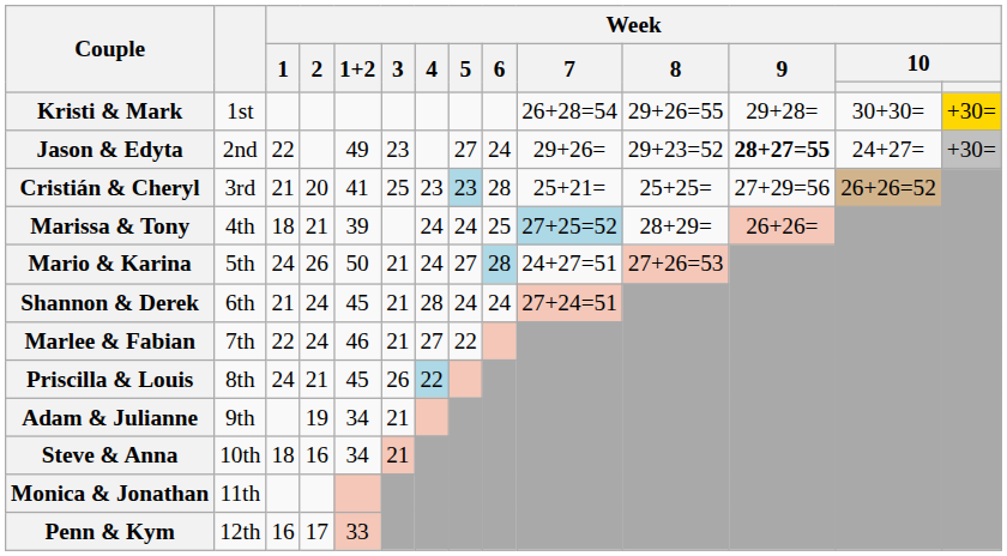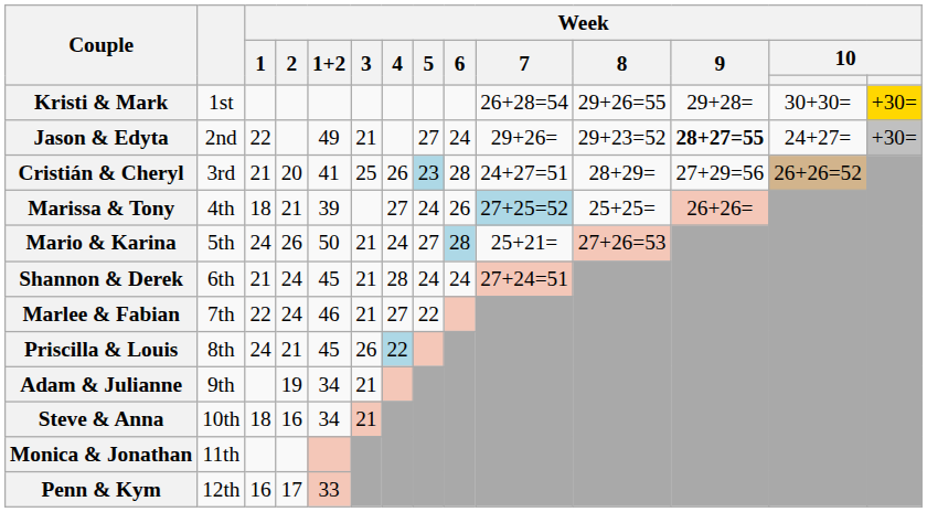 <table class="wikitable sortable" style="text-align:center; font-size:95%">
 <tr>
 <th scope="col" rowspan="3" style="text-align:center;">Couple</th>
 <th scope="col" rowspan="3" style="text-align:center;"></th>
 <th colspan="12" style="text-align:center;">Week</th>
 </tr>
 <tr>
 <th scope="col" rowspan=2>1</th>
 <th scope="col" rowspan=2>2</th>
 <th scope="col" rowspan=2>1+2</th>
 <th scope="col" rowspan=2>3</th>
 <th scope="col" rowspan=2>4</th>
 <th scope="col" rowspan=2>5</th>
 <th scope="col" rowspan=2>6</th>
 <th scope="col" rowspan=2>7</th>
 <th scope="col" rowspan=2>8</th>
 <th scope="col" rowspan=2>9</th>
 <th scope="col" colspan=2>10</th>
 </tr>
 <tr>
 <th></th>
 <th></th>
 </tr>
 <tr>
 <th scope="row">Kristi & Mark</th>
 <td>1st</td>
 <td></td>
 <td></td>
 <td></td>
 <td></td>
 <td></td>
 <td></td>
 <td></td>
 <td>26+28=54</td>
 <td>29+26=55</td>
 <td>29+28=</td>
 <td>30+30=</td>
 <td bgcolor="gold" >+30=</td>
 </tr>
 <tr>
 <th scope="row">Jason & Edyta</th>
 <td>2nd</td>
 <td>22</td>
 <td></td>
 <td>49</td>
-<td>23</td>
+<td>21</td>
 <td></td>
 <td>27</td>
 <td>24</td>
 <td>29+26=</td>
 <td>29+23=52</td>
 <td><strong>28+27=55</strong></td>
 <td>24+27=</td>
 <td bgcolor="silver" >+30=</td>
 </tr>
 <tr>
 <th scope="row">Cristián & Cheryl</th>
 <td>3rd</td>
 <td>21</td>
 <td>20</td>
 <td>41</td>
 <td>25</td>
-<td>23</td>
+<td>26</td>
 <td bgcolor=lightblue>23</td>
 <td>28</td>
-<td>25+21=</td>
-<td>25+25=</td>
+<td>24+27=51</td>
+<td>28+29=</td>
 <td>27+29=56</td>
 <td bgcolor="tan" >26+26=52</td>
 <td colspan="1" rowspan="10" bgcolor="darkgray"></td>
 </tr>
 <tr>
 <th scope="row">Marissa & Tony</th>
 <td>4th</td>
 <td>18</td>
 <td>21</td>
 <td>39</td>
 <td></td>
+<td>27</td>
 <td>24</td>
-<td>24</td>
-<td>25</td>
+<td>26</td>
 <td bgcolor=lightblue >27+25=52</td>
-<td>28+29=</td>
+<td>25+25=</td>
 <td bgcolor=f4c7b8 >26+26=</td>
 <td rowspan="9" bgcolor="darkgray"></td>
 </tr>
 <tr>
 <th scope="row">Mario & Karina</th>
 <td>5th</td>
 <td>24</td>
 <td>26</td>
 <td>50</td>
 <td>21</td>
 <td>24</td>
 <td>27</td>
 <td bgcolor=lightblue>28</td>
-<td>24+27=51</td>
+<td>25+21=</td>
 <td bgcolor=f4c7b8 >27+26=53</td>
 <td rowspan="8" bgcolor="darkgray"></td>
 </tr>
 <tr>
 <th scope="row">Shannon & Derek</th>
 <td>6th</td>
 <td>21</td>
 <td>24</td>
 <td>45</td>
 <td>21</td>
 <td>28</td>
 <td>24</td>
 <td>24</td>
 <td bgcolor=f4c7b8 >27+24=51</td>
 <td rowspan="7" bgcolor="darkgray"></td>
 </tr>
 <tr>
 <th scope="row">Marlee & Fabian</th>
 <td>7th</td>
 <td>22</td>
 <td>24</td>
 <td>46</td>
 <td>21</td>
 <td>27</td>
 <td>22</td>
 <td bgcolor=f4c7b8></td>
 <td rowspan="6" bgcolor="darkgray"></td>
 </tr>
 <tr>
 <th scope="row">Priscilla & Louis</th>
 <td>8th</td>
 <td>24</td>
 <td>21</td>
 <td>45</td>
 <td>26</td>
 <td bgcolor=lightblue>22</td>
 <td bgcolor=f4c7b8></td>
 <td rowspan="5" bgcolor="darkgray"></td>
 </tr>
 <tr>
 <th scope="row">Adam & Julianne</th>
 <td>9th</td>
 <td></td>
 <td>19</td>
 <td>34</td>
 <td>21</td>
 <td bgcolor=f4c7b8></td>
 <td rowspan="4" bgcolor="darkgray"></td>
 </tr>
 <tr>
 <th scope="row">Steve & Anna</th>
 <td>10th</td>
 <td>18</td>
 <td>16</td>
 <td>34</td>
 <td bgcolor=f4c7b8>21</td>
 <td rowspan="3" bgcolor="darkgray"></td>
 </tr>
 <tr>
 <th scope="row">Monica & Jonathan</th>
 <td>11th</td>
 <td></td>
 <td></td>
 <td bgcolor=f4c7b8></td>
 <td rowspan="2" bgcolor="darkgray"></td>
 </tr>
 <tr>
 <th scope="row">Penn & Kym</th>
 <td>12th</td>
 <td>16</td>
 <td>17</td>
 <td bgcolor=f4c7b8>33</td>
 </tr>
 </table>
